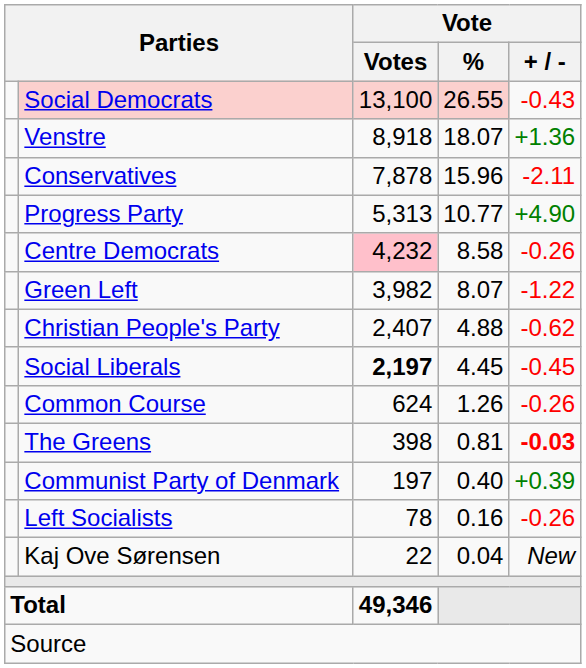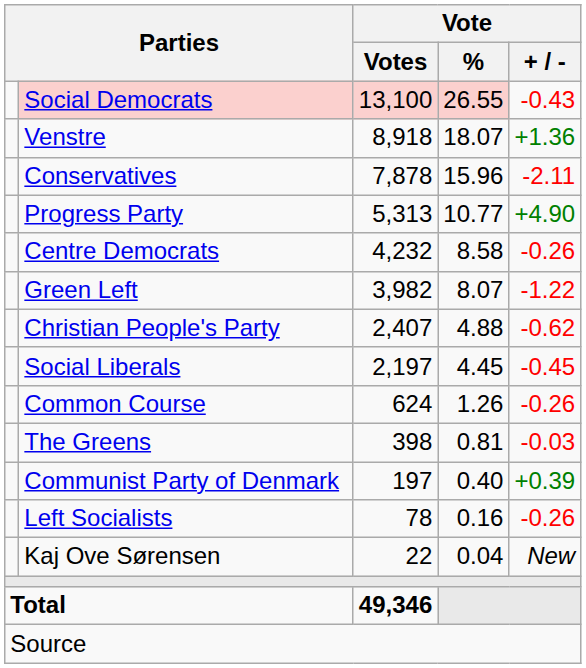 <table class="wikitable" style="text-align:right;">
 <tr>
 <th style="text-align:centre;" rowspan="2" colspan="2" width="225">Parties</th>
 <th colspan="3">Vote</th>
 </tr>
 <tr>
 <th width="15">Votes</th>
 <th width="15">%</th>
 <th width="15">+ / -</th>
 </tr>
 <tr>
 <td width="2" style="color:inherit;background:"></td>
 <td bgcolor=#fbd0ce  align="left"><a href='#'>Social Democrats</a></td>
 <td bgcolor=#fbd0ce>13,100</td>
 <td bgcolor=#fbd0ce>26.55</td>
 <td style=color:red;>-0.43</td>
 </tr>
 <tr>
 <td width="2" style="color:inherit;background:"></td>
 <td align="left"><a href='#'>Venstre</a></td>
 <td>8,918</td>
 <td>18.07</td>
 <td style=color:green;>+1.36</td>
 </tr>
 <tr>
 <td width="2" style="color:inherit;background:"></td>
 <td align="left"><a href='#'>Conservatives</a></td>
 <td>7,878</td>
 <td>15.96</td>
 <td style=color:red;>-2.11</td>
 </tr>
 <tr>
 <td width="2" style="color:inherit;background:"></td>
 <td align="left"><a href='#'>Progress Party</a></td>
 <td>5,313</td>
 <td>10.77</td>
 <td style=color:green;>+4.90</td>
 </tr>
 <tr>
 <td width="2" style="color:inherit;background:"></td>
 <td align="left"><a href='#'>Centre Democrats</a></td>
-<td style="background: pink;">4,232</td>
+<td>4,232</td>
 <td>8.58</td>
 <td style=color:red;>-0.26</td>
 </tr>
 <tr>
 <td width="2" style="color:inherit;background:"></td>
 <td align="left"><a href='#'>Green Left</a></td>
 <td>3,982</td>
 <td>8.07</td>
 <td style=color:red;>-1.22</td>
 </tr>
 <tr>
 <td width="2" style="color:inherit;background:"></td>
 <td align="left"><a href='#'>Christian People's Party</a></td>
 <td>2,407</td>
 <td>4.88</td>
 <td style=color:red;>-0.62</td>
 </tr>
 <tr>
 <td width="2" style="color:inherit;background:"></td>
 <td align="left"><a href='#'>Social Liberals</a></td>
-<td><strong>2,197</strong></td>
+<td>2,197</td>
 <td>4.45</td>
 <td style=color:red;>-0.45</td>
 </tr>
 <tr>
 <td width="2" style="color:inherit;background:"></td>
 <td align="left"><a href='#'>Common Course</a></td>
 <td>624</td>
 <td>1.26</td>
 <td style=color:red;>-0.26</td>
 </tr>
 <tr>
 <td width="2" style="color:inherit;background:"></td>
 <td align="left"><a href='#'>The Greens</a></td>
 <td>398</td>
 <td>0.81</td>
-<td style=color:red;><strong>-0.03</strong></td>
+<td style=color:red;>-0.03</td>
 </tr>
 <tr>
 <td width="2" style="color:inherit;background:"></td>
 <td align="left"><a href='#'>Communist Party of Denmark</a></td>
 <td>197</td>
 <td>0.40</td>
 <td style=color:green;>+0.39</td>
 </tr>
 <tr>
 <td width="2" style="color:inherit;background:"></td>
 <td align="left"><a href='#'>Left Socialists</a></td>
 <td>78</td>
 <td>0.16</td>
 <td style=color:red;>-0.26</td>
 </tr>
 <tr>
 <td width="2" style="color:inherit;background:"></td>
 <td align="left">Kaj Ove Sørensen</td>
 <td>22</td>
 <td>0.04</td>
 <td><em>New</em></td>
 </tr>
 <tr>
 <td colspan="7" bgcolor="#E9E9E9"></td>
 </tr>
 <tr>
 <td align="left" colspan="2"><strong>Total</strong></td>
 <td><strong>49,346</strong></td>
 <td bgcolor="#E9E9E9" colspan="2"></td>
 </tr>
 <tr>
 <td align="left" colspan="6">Source</td>
 </tr>
 </table>
